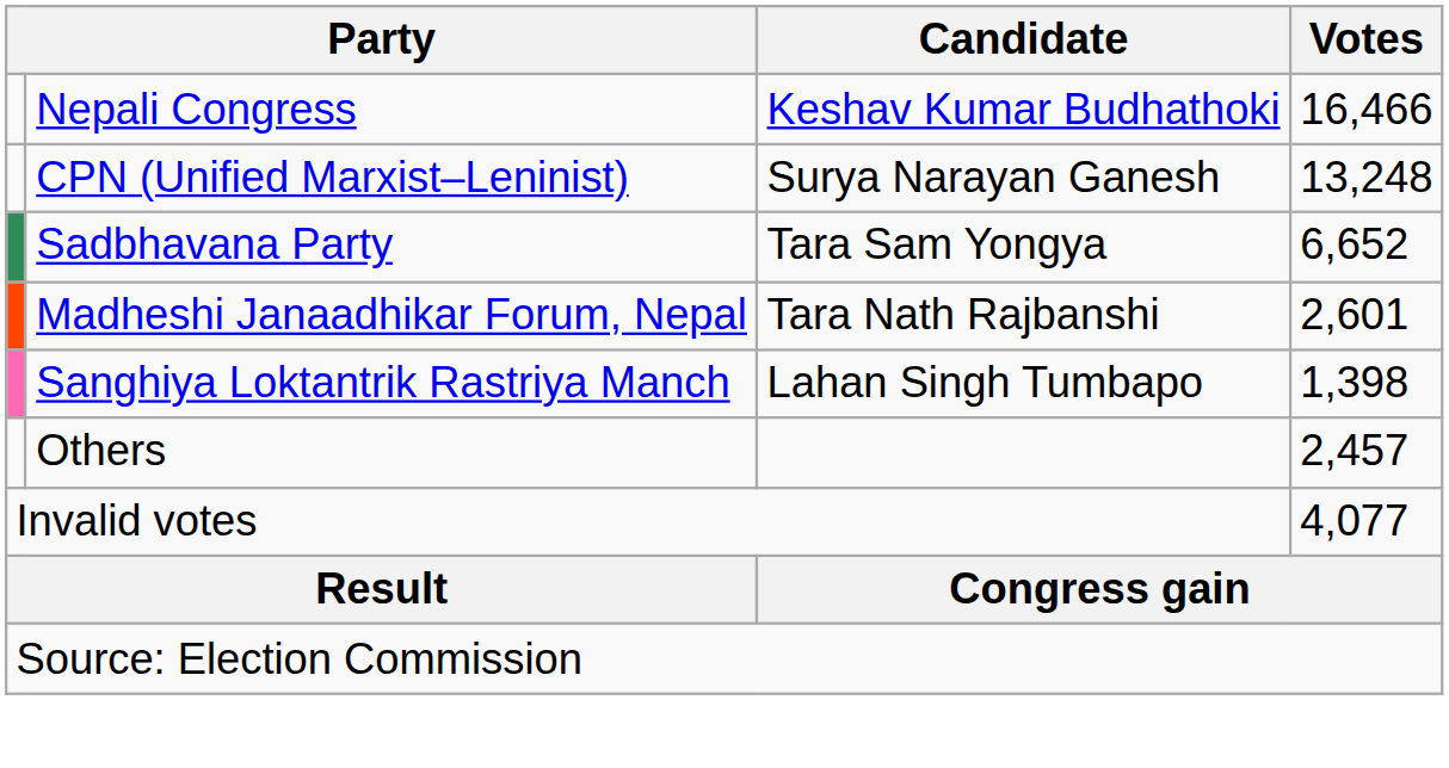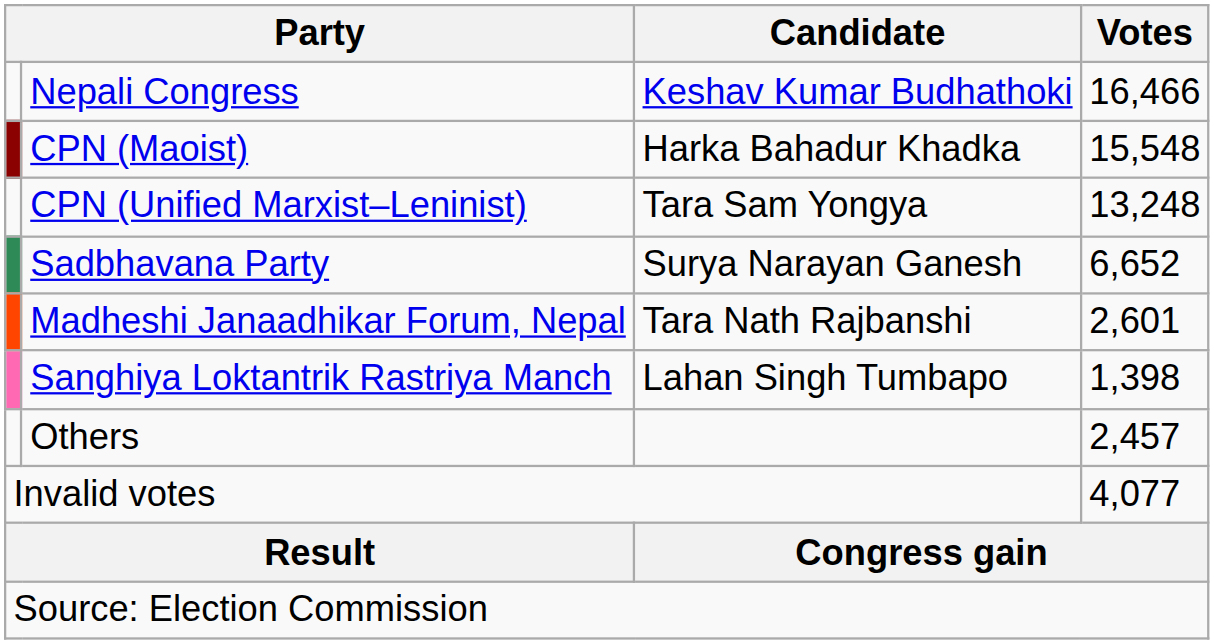 <table class="wikitable">
 <tr>
 <th colspan="2">Party</th>
 <th>Candidate</th>
 <th>Votes</th>
 </tr>
 <tr>
 <td style="background-color:"></td>
 <td><a href='#'>Nepali Congress</a></td>
 <td><a href='#'>Keshav Kumar Budhathoki</a></td>
 <td>16,466</td>
 </tr>
 <tr>
+<td style="background-color:darkred"></td>
+<td><a href='#'>CPN (Maoist)</a></td>
+<td>Harka Bahadur Khadka</td>
+<td>15,548</td>
+</tr>
+<tr>
 <td style="background-color:"></td>
 <td><a href='#'>CPN (Unified Marxist–Leninist)</a></td>
-<td>Surya Narayan Ganesh</td>
+<td>Tara Sam Yongya</td>
 <td>13,248</td>
 </tr>
 <tr>
 <td style="background-color:seagreen"></td>
 <td><a href='#'>Sadbhavana Party</a></td>
-<td>Tara Sam Yongya</td>
+<td>Surya Narayan Ganesh</td>
 <td>6,652</td>
 </tr>
 <tr>
 <td style="background-color:orangered"></td>
 <td><a href='#'>Madheshi Janaadhikar Forum, Nepal</a></td>
 <td>Tara Nath Rajbanshi</td>
 <td>2,601</td>
 </tr>
 <tr>
 <td style="background-color:hotpink"></td>
 <td><a href='#'>Sanghiya Loktantrik Rastriya Manch</a></td>
 <td>Lahan Singh Tumbapo</td>
 <td>1,398</td>
 </tr>
 <tr>
 <td></td>
 <td>Others</td>
 <td></td>
 <td>2,457</td>
 </tr>
 <tr>
 <td colspan="3">Invalid votes</td>
 <td>4,077</td>
 </tr>
 <tr>
 <th colspan="2">Result</th>
 <th colspan="2">Congress gain</th>
 </tr>
 <tr>
 <td colspan="4">Source: Election Commission</td>
 </tr>
 </table>
